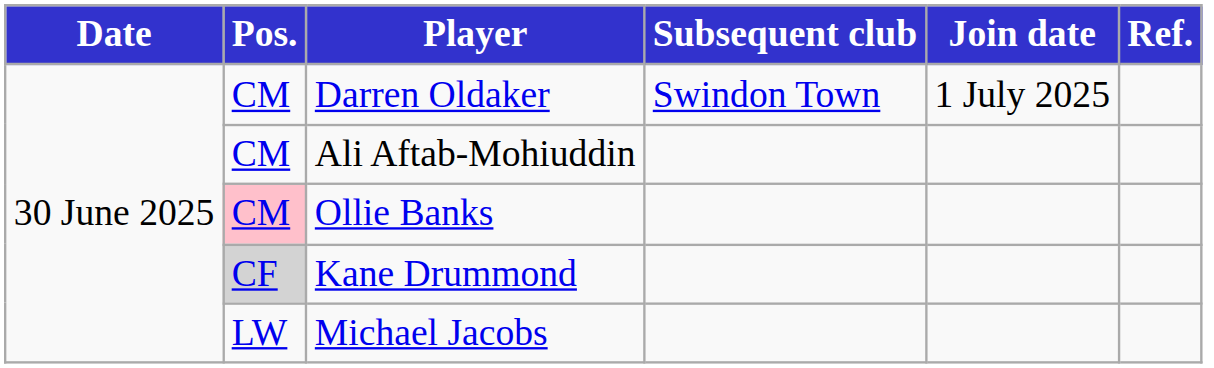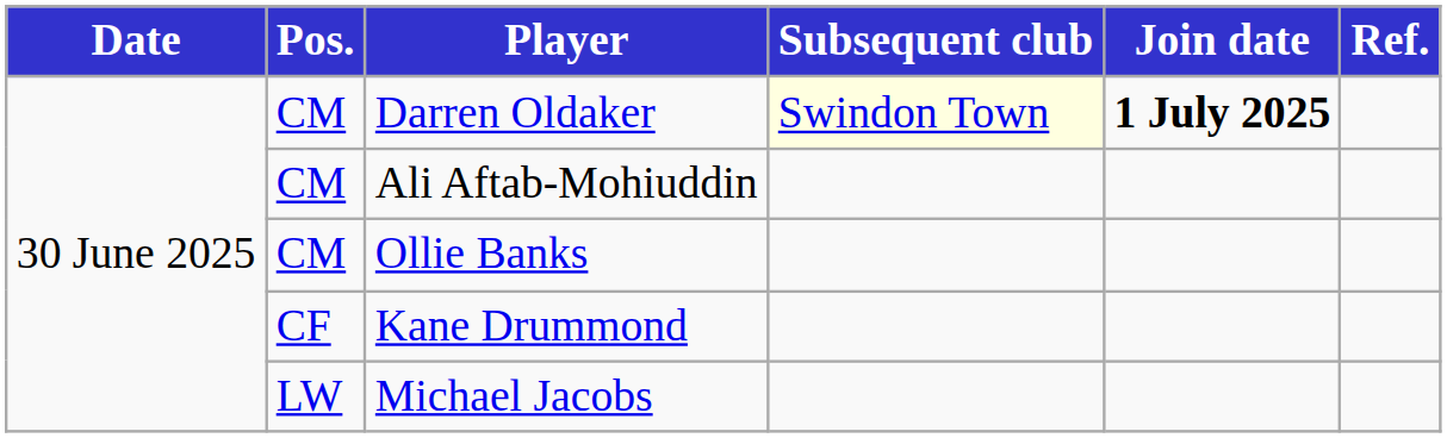 <table class="wikitable plainrowheaders sortable">
 <tr>
 <th style="background:#3232CD;color:white">Date</th>
 <th style="background:#3232CD;color:white">Pos.</th>
 <th style="background:#3232CD;color:white">Player</th>
 <th style="background:#3232CD;color:white">Subsequent club</th>
 <th style="background:#3232CD;color:white">Join date</th>
 <th style="background:#3232CD;color:white">Ref.</th>
 </tr>
 <tr>
 <td rowspan="5">30 June 2025</td>
 <td><a href='#'>CM</a></td>
 <td> <a href='#'>Darren Oldaker</a></td>
-<td> <a href='#'>Swindon Town</a></td>
-<td>1 July 2025</td>
+<td style="background: lightyellow;"> <a href='#'>Swindon Town</a></td>
+<td><strong>1 July 2025</strong></td>
 <td></td>
 </tr>
 <tr>
 <td><a href='#'>CM</a></td>
 <td> Ali Aftab-Mohiuddin</td>
 <td></td>
 <td></td>
 <td></td>
 </tr>
 <tr>
-<td style="background: pink;"><a href='#'>CM</a></td>
+<td><a href='#'>CM</a></td>
 <td> <a href='#'>Ollie Banks</a></td>
 <td></td>
 <td></td>
 <td></td>
 </tr>
 <tr>
-<td style="background: lightgrey;"><a href='#'>CF</a></td>
+<td><a href='#'>CF</a></td>
 <td> <a href='#'>Kane Drummond</a></td>
 <td></td>
 <td></td>
 <td></td>
 </tr>
 <tr>
 <td><a href='#'>LW</a></td>
 <td> <a href='#'>Michael Jacobs</a></td>
 <td></td>
 <td></td>
 <td></td>
 </tr>
 </table>
